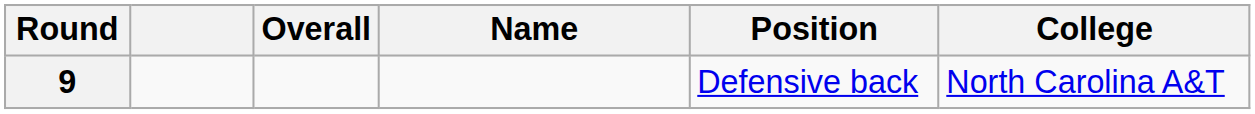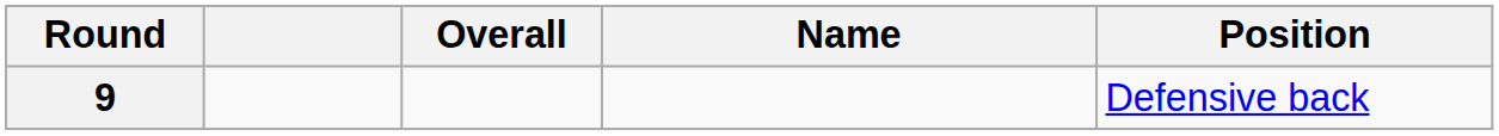 <table class="wikitable sortable">
 <tr>
 <th scope="col" style="width: 10%;">Round</th>
 <th scope="col" style="width: 10%;"></th>
 <th scope="col" style="width: 10%;">Overall</th>
 <th scope="col" style="width: 25%;">Name</th>
 <th scope="col" style="width: 20%;">Position</th>
-<th scope="col" style="width: 25%;">College</th>
 </tr>
 <tr>
 <th scope="row">9</th>
 <td></td>
 <td></td>
 <td></td>
 <td><a href='#'>Defensive back</a></td>
-<td><a href='#'>North Carolina A&T</a></td>
 </tr>
 </table>
